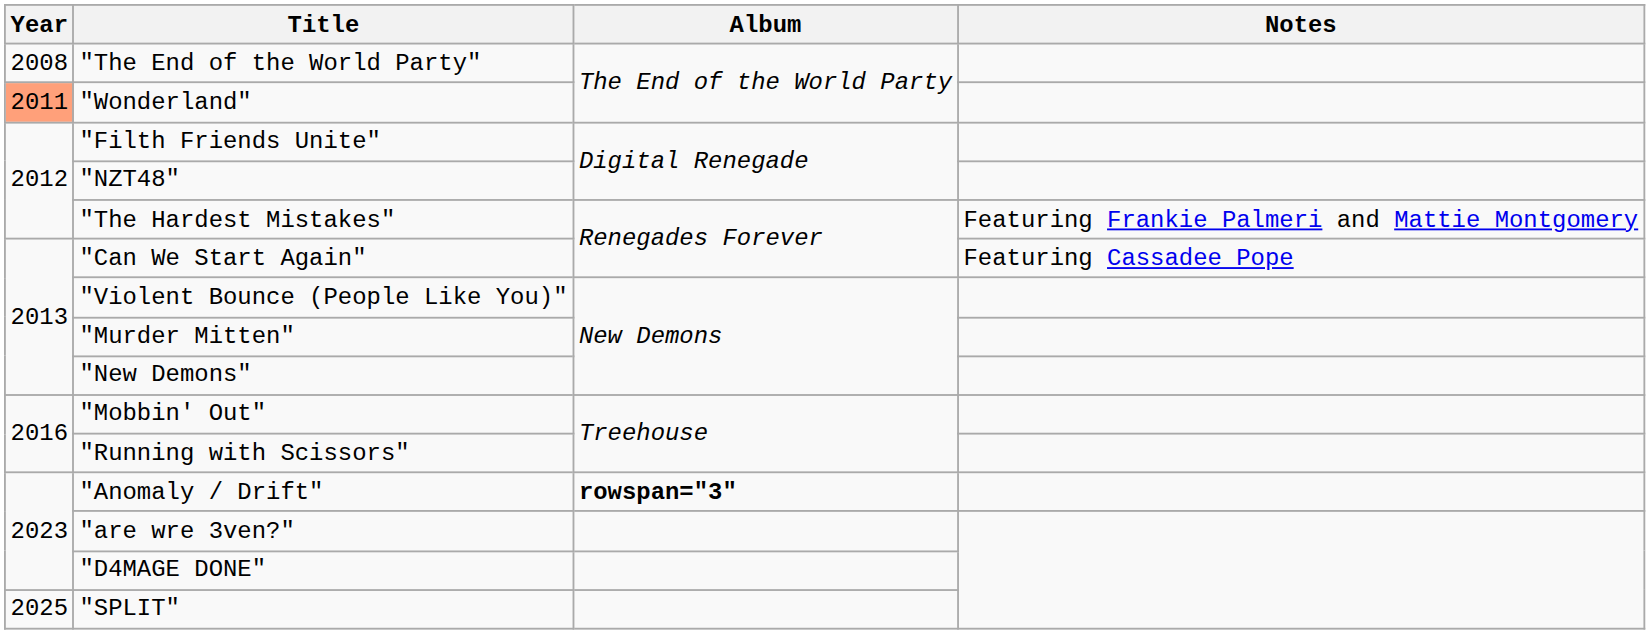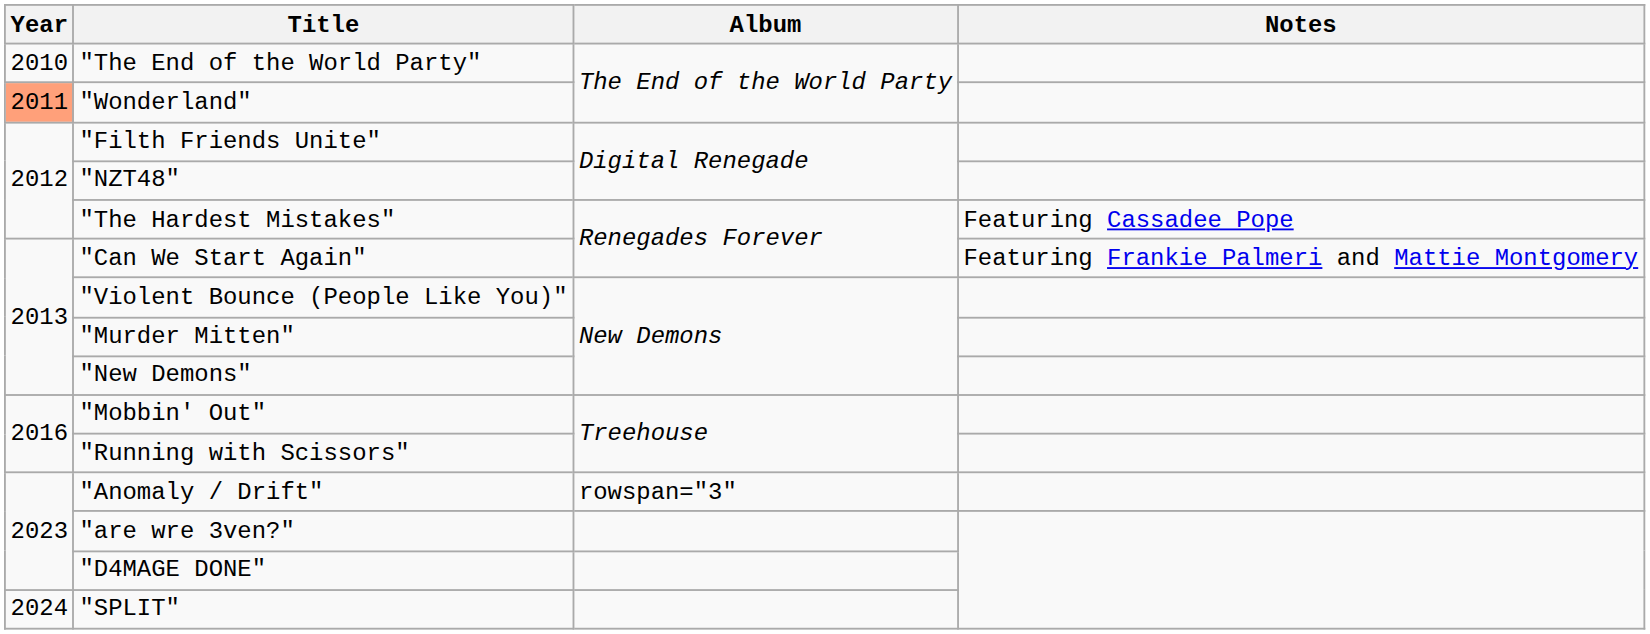 <table class="wikitable">
 <tr>
 <th>Year</th>
 <th>Title</th>
 <th>Album</th>
 <th>Notes</th>
 </tr>
 <tr>
-<td>2008</td>
+<td>2010</td>
 <td>"The End of the World Party"</td>
 <td rowspan="2"><em>The End of the World Party</em></td>
 <td></td>
 </tr>
 <tr>
 <td style="background: lightsalmon;">2011</td>
 <td>"Wonderland"</td>
 <td></td>
 </tr>
 <tr>
 <td rowspan="3">2012</td>
 <td>"Filth Friends Unite"</td>
 <td rowspan="2"><em>Digital Renegade</em></td>
 <td></td>
 </tr>
 <tr>
 <td>"NZT48"</td>
 <td></td>
 </tr>
 <tr>
 <td>"The Hardest Mistakes"</td>
 <td rowspan="2"><em>Renegades Forever</em></td>
-<td>Featuring <a href='#'>Frankie Palmeri</a> and <a href='#'>Mattie Montgomery</a></td>
+<td>Featuring <a href='#'>Cassadee Pope</a></td>
 </tr>
 <tr>
 <td rowspan="4">2013</td>
 <td>"Can We Start Again"</td>
-<td>Featuring <a href='#'>Cassadee Pope</a></td>
+<td>Featuring <a href='#'>Frankie Palmeri</a> and <a href='#'>Mattie Montgomery</a></td>
 </tr>
 <tr>
 <td>"Violent Bounce (People Like You)"</td>
 <td rowspan="3"><em>New Demons</em></td>
 <td></td>
 </tr>
 <tr>
 <td>"Murder Mitten"</td>
 <td></td>
 </tr>
 <tr>
 <td>"New Demons"</td>
 <td></td>
 </tr>
 <tr>
 <td rowspan="2">2016</td>
 <td>"Mobbin' Out"</td>
 <td rowspan="2"><em>Treehouse</em></td>
 <td></td>
 </tr>
 <tr>
 <td>"Running with Scissors"</td>
 <td></td>
 </tr>
 <tr>
 <td rowspan="3">2023</td>
 <td>"Anomaly / Drift"</td>
-<td><strong>rowspan="3" </strong></td>
+<td>rowspan="3" </td>
 <td></td>
 </tr>
 <tr>
 <td>"are wre 3ven?"</td>
 <td></td>
 </tr>
 <tr>
 <td>"D4MAGE DONE"</td>
 <td></td>
 </tr>
 <tr>
-<td>2025</td>
+<td>2024</td>
 <td>"SPLIT"</td>
 <td></td>
 </tr>
 </table>
